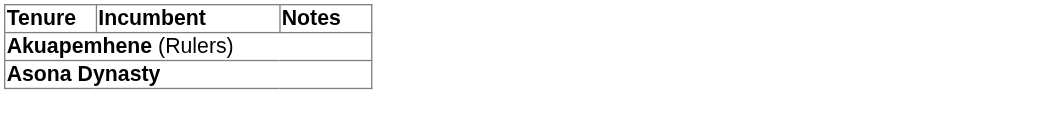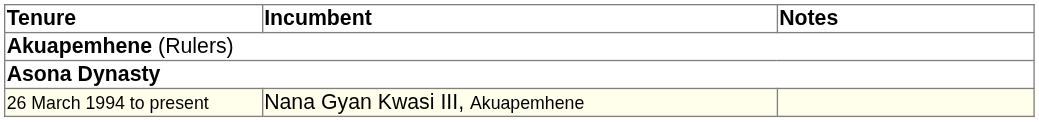 <table border=1 style="border-collapse: collapse">
 <tr align=left>
 <th width="20%">Tenure</th>
 <th width="40%">Incumbent</th>
 <th width="20%">Notes</th>
 </tr>
 <tr valign=top>
 <td colspan="3"><strong>Akuapemhene</strong> (Rulers)</td>
 </tr>
 <tr valign=top>
 <td colspan="3"><strong>Asona Dynasty</strong></td>
 </tr>
+<tr valign=top bgcolor="#ffffec">
+<td><small>26 March 1994 to present</small></td>
+<td>Nana Gyan Kwasi III, <small>Akuapemhene</small></td>
+<td></td>
+</tr>
 </table>
